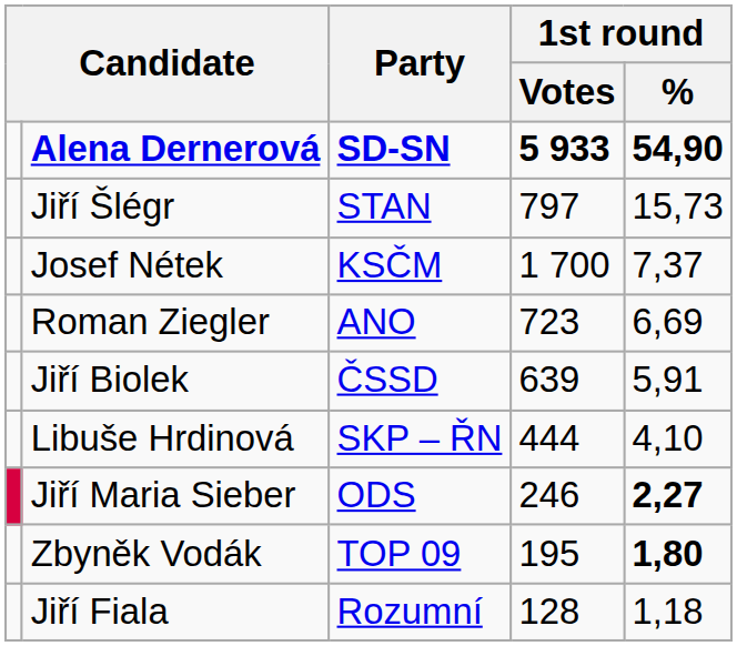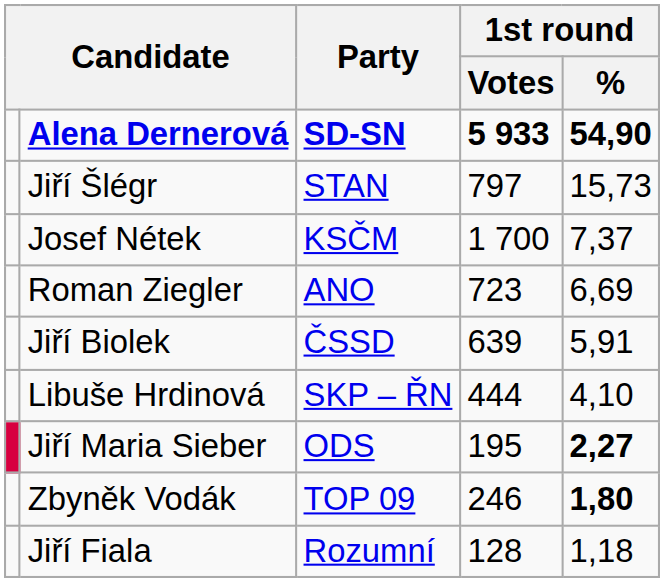 <table class="wikitable sortable">
 <tr>
 <th colspan="2" rowspan="2">Candidate</th>
 <th rowspan="2">Party</th>
 <th colspan="2">1st round</th>
 </tr>
 <tr>
 <th>Votes</th>
 <th>%</th>
 </tr>
 <tr>
 <td style="background-color:"></td>
 <td><strong><a href='#'>Alena Dernerová</a></strong></td>
 <td><strong><a href='#'>SD-SN</a></strong></td>
 <td><strong>5 933</strong></td>
 <td><strong>54,90</strong></td>
 </tr>
 <tr>
 <td style="background-color:"></td>
 <td>Jiří Šlégr</td>
 <td><a href='#'>STAN</a></td>
 <td>797</td>
 <td>15,73</td>
 </tr>
 <tr>
 <td style="background-color:"></td>
 <td>Josef Nétek</td>
 <td><a href='#'>KSČM</a></td>
 <td>1 700</td>
 <td>7,37</td>
 </tr>
 <tr>
 <td style="background-color:"></td>
 <td>Roman Ziegler</td>
 <td><a href='#'>ANO</a></td>
 <td>723</td>
 <td>6,69</td>
 </tr>
 <tr>
 <td style="background-color:"></td>
 <td>Jiří Biolek</td>
 <td><a href='#'>ČSSD</a></td>
 <td>639</td>
 <td>5,91</td>
 </tr>
 <tr>
 <td style="background-color:"></td>
 <td>Libuše Hrdinová</td>
 <td><a href='#'>SKP – ŘN</a></td>
 <td>444</td>
 <td>4,10</td>
 </tr>
 <tr>
 <td style="background-color:#D70040;"></td>
 <td>Jiří Maria Sieber</td>
 <td><a href='#'>ODS</a></td>
-<td>246</td>
+<td>195</td>
 <td><strong>2,27</strong></td>
 </tr>
 <tr>
 <td style="background-color:"></td>
 <td>Zbyněk Vodák</td>
 <td><a href='#'>TOP 09</a></td>
-<td>195</td>
+<td>246</td>
 <td><strong>1,80</strong></td>
 </tr>
 <tr>
 <td style="background-color:"></td>
 <td>Jiří Fiala</td>
 <td><a href='#'>Rozumní</a></td>
 <td>128</td>
 <td>1,18</td>
 </tr>
 </table>
